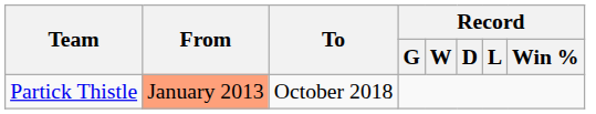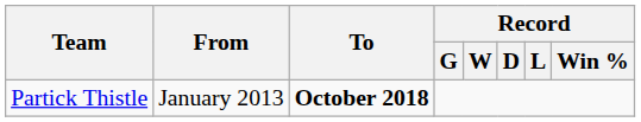 <table class="wikitable" style="text-align: center">
 <tr>
 <th rowspan="2">Team</th>
 <th rowspan="2">From</th>
 <th rowspan="2">To</th>
 <th colspan="5">Record</th>
 </tr>
 <tr>
 <th>G</th>
 <th>W</th>
 <th>D</th>
 <th>L</th>
 <th>Win %</th>
 </tr>
 <tr>
 <td align=left><a href='#'>Partick Thistle</a></td>
-<td align=left style="background: lightsalmon;">January 2013</td>
-<td align=left>October 2018<br></td>
+<td align=left>January 2013</td>
+<td align=left><strong>October 2018<br></strong></td>
 </tr>
 </table>
